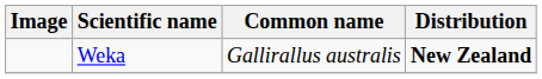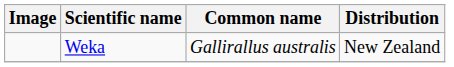 <table class="wikitable">
 <tr>
 <th>Image</th>
 <th>Scientific name</th>
 <th>Common name</th>
 <th>Distribution</th>
 </tr>
 <tr>
 <td></td>
 <td><a href='#'>Weka</a></td>
 <td><em>Gallirallus australis</em></td>
-<td><strong>New Zealand</strong></td>
+<td>New Zealand</td>
 </tr>
 <tr>
 </tr>
 </table>
